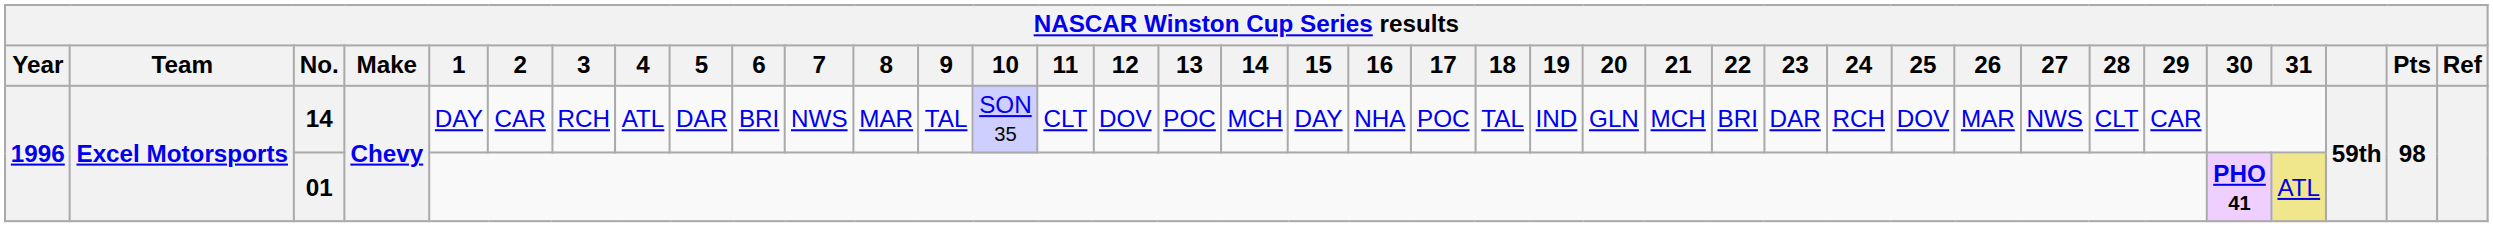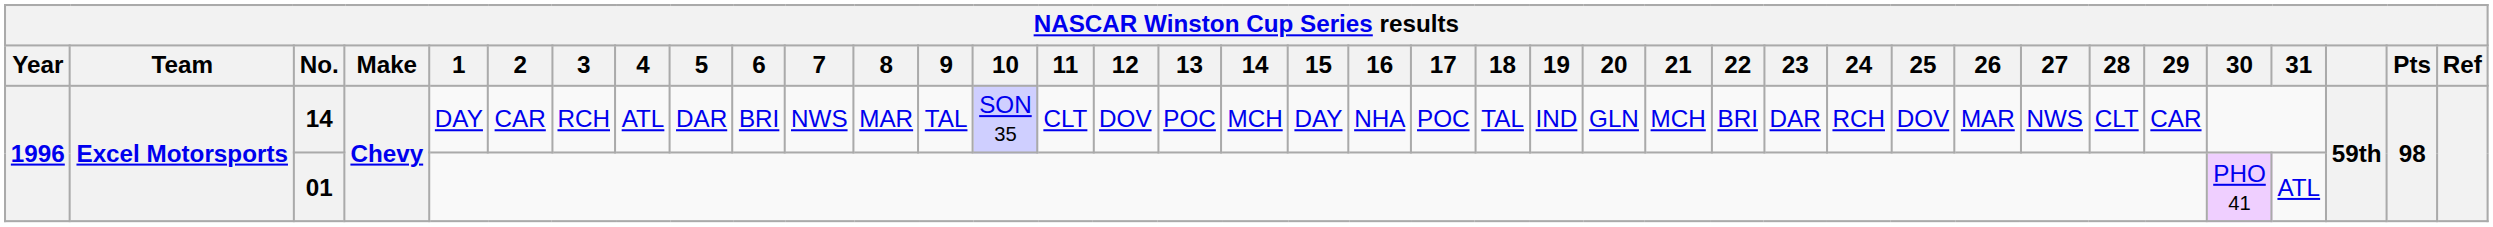 <table class="wikitable" style="text-align:center; font-size:75%">
 <tr>
 <th colspan=45><a href='#'>NASCAR Winston Cup Series</a> results</th>
 </tr>
 <tr>
 <th>Year</th>
 <th>Team</th>
 <th>No.</th>
 <th>Make</th>
 <th>1</th>
 <th>2</th>
 <th>3</th>
 <th>4</th>
 <th>5</th>
 <th>6</th>
 <th>7</th>
 <th>8</th>
 <th>9</th>
 <th>10</th>
 <th>11</th>
 <th>12</th>
 <th>13</th>
 <th>14</th>
 <th>15</th>
 <th>16</th>
 <th>17</th>
 <th>18</th>
 <th>19</th>
 <th>20</th>
 <th>21</th>
 <th>22</th>
 <th>23</th>
 <th>24</th>
 <th>25</th>
 <th>26</th>
 <th>27</th>
 <th>28</th>
 <th>29</th>
 <th>30</th>
 <th>31</th>
 <th></th>
 <th>Pts</th>
 <th>Ref</th>
 </tr>
 <tr>
 <th rowspan=2><a href='#'>1996</a></th>
 <th rowspan=2><a href='#'>Excel Motorsports</a></th>
 <th>14</th>
 <th rowspan=2><a href='#'>Chevy</a></th>
 <td><a href='#'>DAY</a></td>
 <td><a href='#'>CAR</a></td>
 <td><a href='#'>RCH</a></td>
 <td><a href='#'>ATL</a></td>
 <td><a href='#'>DAR</a></td>
 <td><a href='#'>BRI</a></td>
 <td><a href='#'>NWS</a></td>
 <td><a href='#'>MAR</a></td>
 <td><a href='#'>TAL</a></td>
 <td style="background:#CFCFFF;"><a href='#'>SON</a><br><small>35</small></td>
 <td><a href='#'>CLT</a></td>
 <td><a href='#'>DOV</a></td>
 <td><a href='#'>POC</a></td>
 <td><a href='#'>MCH</a></td>
 <td><a href='#'>DAY</a></td>
 <td><a href='#'>NHA</a></td>
 <td><a href='#'>POC</a></td>
 <td><a href='#'>TAL</a></td>
 <td><a href='#'>IND</a></td>
 <td><a href='#'>GLN</a></td>
 <td><a href='#'>MCH</a></td>
 <td><a href='#'>BRI</a></td>
 <td><a href='#'>DAR</a></td>
 <td><a href='#'>RCH</a></td>
 <td><a href='#'>DOV</a></td>
 <td><a href='#'>MAR</a></td>
 <td><a href='#'>NWS</a></td>
 <td><a href='#'>CLT</a></td>
 <td><a href='#'>CAR</a></td>
 <td colspan=2></td>
 <th rowspan=2>59th</th>
 <th rowspan=2>98</th>
 <th rowspan=2></th>
 </tr>
 <tr>
 <th>01</th>
 <td colspan=29></td>
-<td style="background:#EFCFFF;"><strong><a href='#'>PHO</a><br><small>41</small></strong></td>
-<td style="background: khaki;"><a href='#'>ATL</a></td>
+<td style="background:#EFCFFF;"><a href='#'>PHO</a><br><small>41</small></td>
+<td><a href='#'>ATL</a></td>
 </tr>
 </table>
